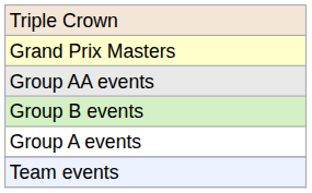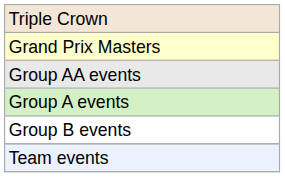 <table class=wikitable  style=font-size:95%;width:12%>
 <tr style="background:#F3E6D7;">
 <td>Triple Crown</td>
 </tr>
 <tr style="background:#FFFFCC;">
 <td>Grand Prix Masters</td>
 </tr>
 <tr style="background:#E9E9E9;">
 <td>Group AA events</td>
 </tr>
 <tr style="background:#D4F1C5;">
-<td>Group B events</td>
+<td>Group A events</td>
 </tr>
 <tr style="background:#FFFFFF;">
-<td>Group A events</td>
+<td>Group B events</td>
 </tr>
 <tr>
 </tr>
 <tr style="background:#ECF2FF;">
 <td>Team events</td>
 </tr>
 <tr>
 </tr>
 </table>
